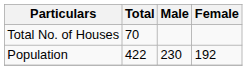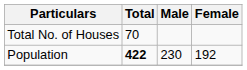 <table class="wikitable sortable">
 <tr>
 <th>Particulars</th>
 <th>Total</th>
 <th>Male</th>
 <th>Female</th>
 </tr>
 <tr>
 <td>Total No. of Houses</td>
 <td>70</td>
 <td></td>
 <td></td>
 </tr>
 <tr>
 <td>Population</td>
-<td>422</td>
+<td><strong>422</strong></td>
 <td>230</td>
 <td>192</td>
 </tr>
 <tr>
 </tr>
 </table>
